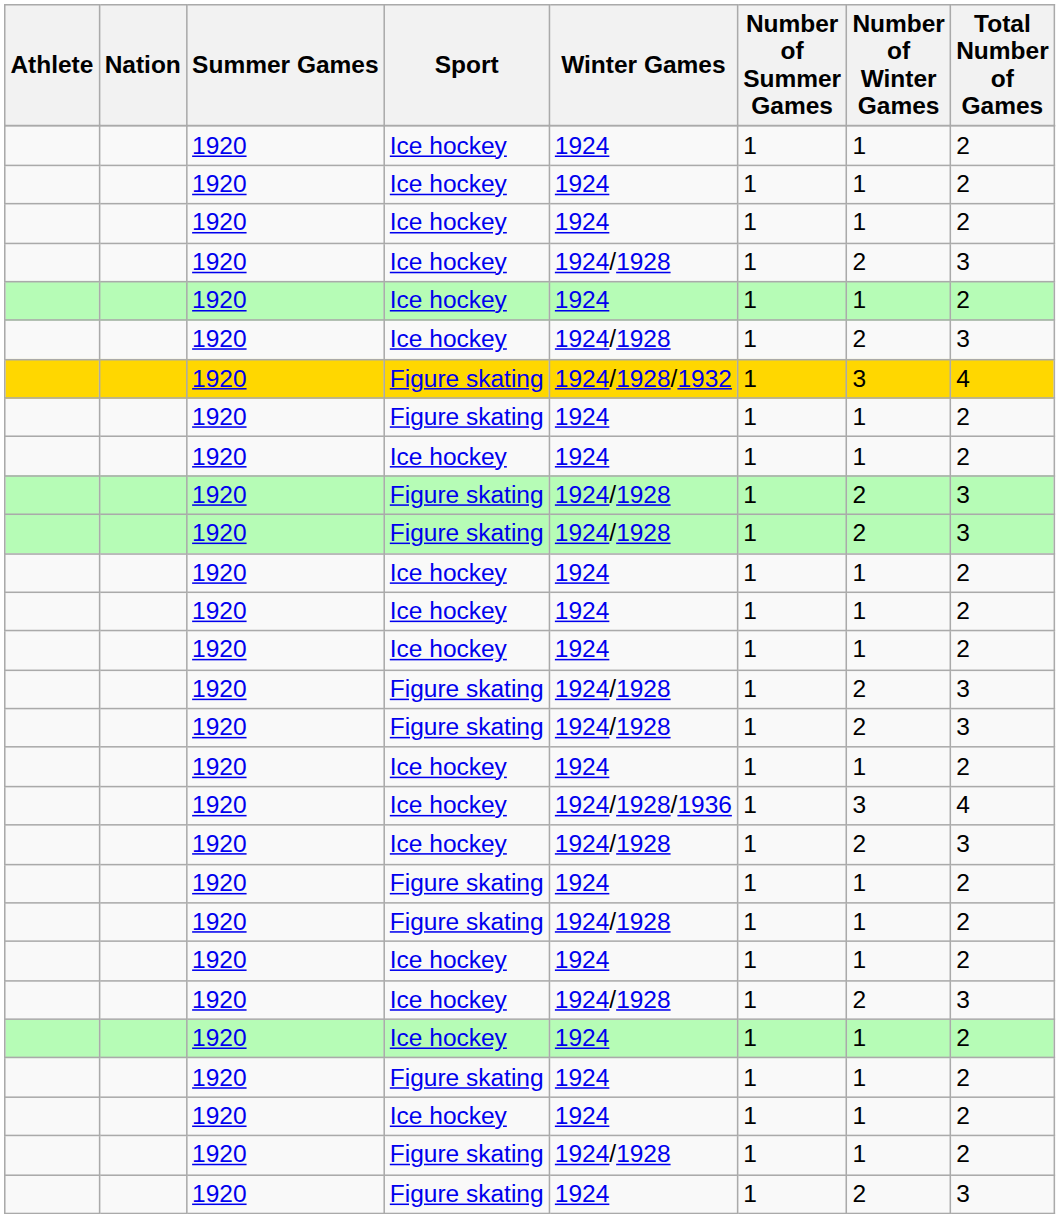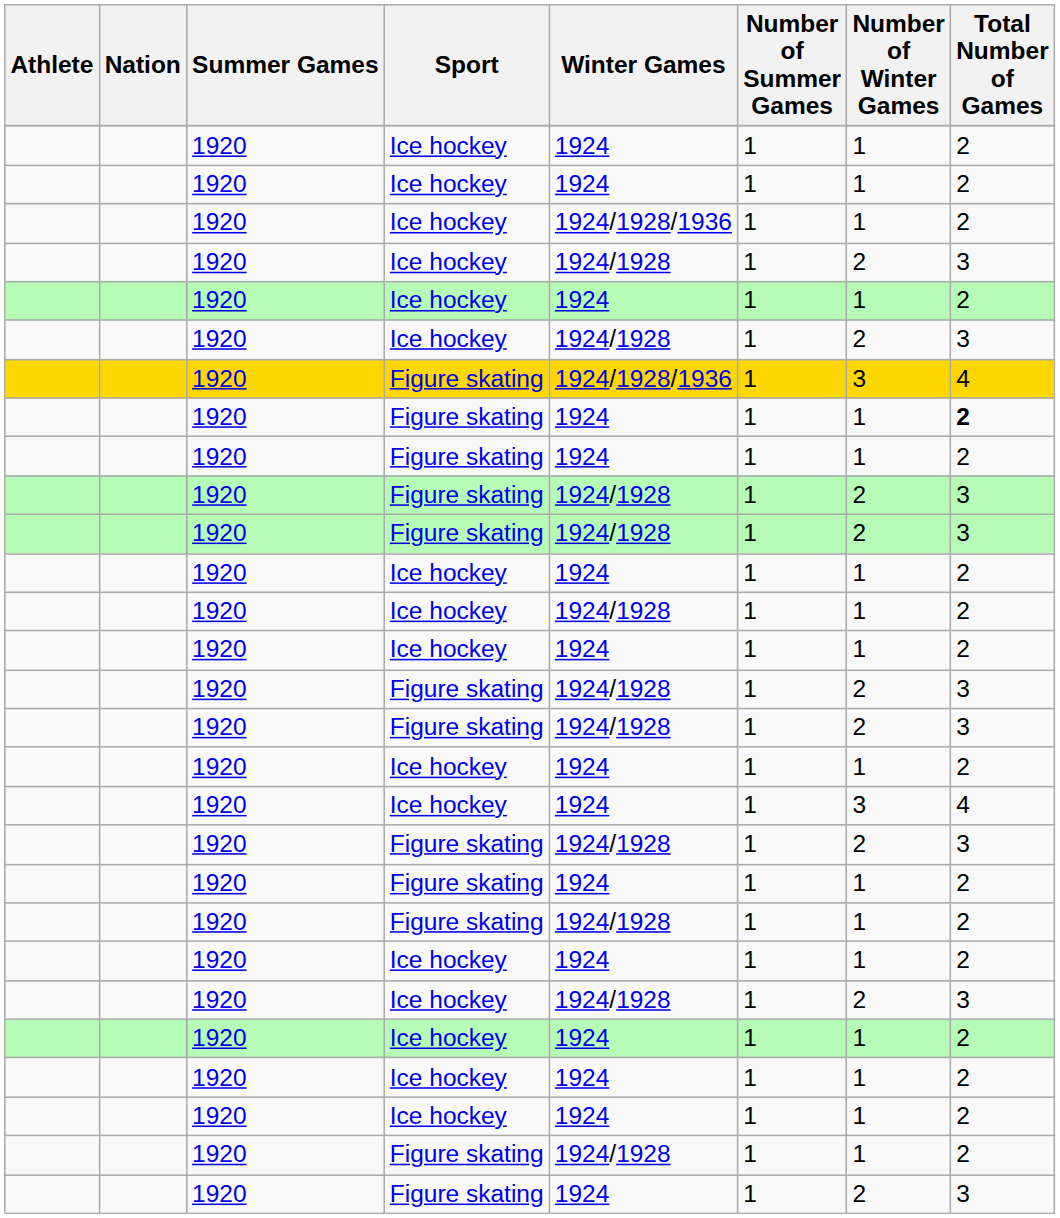 <table class="wikitable sortable">
 <tr>
 <th>Athlete</th>
 <th>Nation</th>
 <th>Summer Games</th>
 <th>Sport</th>
 <th>Winter Games</th>
 <th width=4>Number of Summer Games</th>
 <th width=4>Number of Winter Games</th>
 <th width=4>Total Number of Games</th>
 </tr>
 <tr>
 </tr>
 <tr>
 <td></td>
 <td></td>
 <td><a href='#'>1920</a></td>
 <td><a href='#'>Ice hockey</a></td>
 <td><a href='#'>1924</a></td>
 <td>1</td>
 <td>1</td>
 <td>2</td>
 </tr>
 <tr>
 <td></td>
 <td></td>
 <td><a href='#'>1920</a></td>
 <td><a href='#'>Ice hockey</a></td>
 <td><a href='#'>1924</a></td>
 <td>1</td>
 <td>1</td>
 <td>2</td>
 </tr>
 <tr>
 <td></td>
 <td></td>
 <td><a href='#'>1920</a></td>
 <td><a href='#'>Ice hockey</a></td>
-<td><a href='#'>1924</a></td>
+<td><a href='#'>1924</a>/<a href='#'>1928</a>/<a href='#'>1936</a></td>
 <td>1</td>
 <td>1</td>
 <td>2</td>
 </tr>
 <tr>
 <td></td>
 <td></td>
 <td><a href='#'>1920</a></td>
 <td><a href='#'>Ice hockey</a></td>
 <td><a href='#'>1924</a>/<a href='#'>1928</a></td>
 <td>1</td>
 <td>2</td>
 <td>3</td>
 </tr>
 <tr style="background:#b6fcb6;" span>
 <td></td>
 <td></td>
 <td><a href='#'>1920</a></td>
 <td><a href='#'>Ice hockey</a></td>
 <td><a href='#'>1924</a></td>
 <td>1</td>
 <td>1</td>
 <td>2</td>
 </tr>
 <tr>
 <td></td>
 <td></td>
 <td><a href='#'>1920</a></td>
 <td><a href='#'>Ice hockey</a></td>
 <td><a href='#'>1924</a>/<a href='#'>1928</a></td>
 <td>1</td>
 <td>2</td>
 <td>3</td>
 </tr>
 <tr style="background:#ffd700;" span>
 <td></td>
 <td></td>
 <td><a href='#'>1920</a></td>
 <td><a href='#'>Figure skating</a></td>
-<td><a href='#'>1924</a>/<a href='#'>1928</a>/<a href='#'>1932</a></td>
+<td><a href='#'>1924</a>/<a href='#'>1928</a>/<a href='#'>1936</a></td>
 <td>1</td>
 <td>3</td>
 <td>4</td>
 </tr>
 <tr>
 <td></td>
 <td></td>
 <td><a href='#'>1920</a></td>
 <td><a href='#'>Figure skating</a></td>
 <td><a href='#'>1924</a></td>
 <td>1</td>
 <td>1</td>
-<td>2</td>
+<td><strong>2</strong></td>
 </tr>
 <tr>
 <td></td>
 <td></td>
 <td><a href='#'>1920</a></td>
-<td><a href='#'>Ice hockey</a></td>
+<td><a href='#'>Figure skating</a></td>
 <td><a href='#'>1924</a></td>
 <td>1</td>
 <td>1</td>
 <td>2</td>
 </tr>
 <tr style="background:#b6fcb6;" span>
 <td></td>
 <td></td>
 <td><a href='#'>1920</a></td>
 <td><a href='#'>Figure skating</a></td>
 <td><a href='#'>1924</a>/<a href='#'>1928</a></td>
 <td>1</td>
 <td>2</td>
 <td>3</td>
 </tr>
 <tr style="background:#b6fcb6;" span>
 <td></td>
 <td></td>
 <td><a href='#'>1920</a></td>
 <td><a href='#'>Figure skating</a></td>
 <td><a href='#'>1924</a>/<a href='#'>1928</a></td>
 <td>1</td>
 <td>2</td>
 <td>3</td>
 </tr>
 <tr>
 <td></td>
 <td></td>
 <td><a href='#'>1920</a></td>
 <td><a href='#'>Ice hockey</a></td>
 <td><a href='#'>1924</a></td>
 <td>1</td>
 <td>1</td>
 <td>2</td>
 </tr>
 <tr>
 <td></td>
 <td></td>
 <td><a href='#'>1920</a></td>
 <td><a href='#'>Ice hockey</a></td>
-<td><a href='#'>1924</a></td>
+<td><a href='#'>1924</a>/<a href='#'>1928</a></td>
 <td>1</td>
 <td>1</td>
 <td>2</td>
 </tr>
 <tr>
 <td></td>
 <td></td>
 <td><a href='#'>1920</a></td>
 <td><a href='#'>Ice hockey</a></td>
 <td><a href='#'>1924</a></td>
 <td>1</td>
 <td>1</td>
 <td>2</td>
 </tr>
 <tr>
 <td></td>
 <td></td>
 <td><a href='#'>1920</a></td>
 <td><a href='#'>Figure skating</a></td>
 <td><a href='#'>1924</a>/<a href='#'>1928</a></td>
 <td>1</td>
 <td>2</td>
 <td>3</td>
 </tr>
 <tr>
 <td></td>
 <td></td>
 <td><a href='#'>1920</a></td>
 <td><a href='#'>Figure skating</a></td>
 <td><a href='#'>1924</a>/<a href='#'>1928</a></td>
 <td>1</td>
 <td>2</td>
 <td>3</td>
 </tr>
 <tr>
 <td></td>
 <td></td>
 <td><a href='#'>1920</a></td>
 <td><a href='#'>Ice hockey</a></td>
 <td><a href='#'>1924</a></td>
 <td>1</td>
 <td>1</td>
 <td>2</td>
 </tr>
 <tr>
 <td></td>
 <td></td>
 <td><a href='#'>1920</a></td>
 <td><a href='#'>Ice hockey</a></td>
-<td><a href='#'>1924</a>/<a href='#'>1928</a>/<a href='#'>1936</a></td>
+<td><a href='#'>1924</a></td>
 <td>1</td>
 <td>3</td>
 <td>4</td>
 </tr>
 <tr>
 <td></td>
 <td></td>
 <td><a href='#'>1920</a></td>
-<td><a href='#'>Ice hockey</a></td>
+<td><a href='#'>Figure skating</a></td>
 <td><a href='#'>1924</a>/<a href='#'>1928</a></td>
 <td>1</td>
 <td>2</td>
 <td>3</td>
 </tr>
 <tr>
 <td></td>
 <td></td>
 <td><a href='#'>1920</a></td>
 <td><a href='#'>Figure skating</a></td>
 <td><a href='#'>1924</a></td>
 <td>1</td>
 <td>1</td>
 <td>2</td>
 </tr>
 <tr>
 <td></td>
 <td></td>
 <td><a href='#'>1920</a></td>
 <td><a href='#'>Figure skating</a></td>
 <td><a href='#'>1924</a>/<a href='#'>1928</a></td>
 <td>1</td>
 <td>1</td>
 <td>2</td>
 </tr>
 <tr>
 <td></td>
 <td></td>
 <td><a href='#'>1920</a></td>
 <td><a href='#'>Ice hockey</a></td>
 <td><a href='#'>1924</a></td>
 <td>1</td>
 <td>1</td>
 <td>2</td>
 </tr>
 <tr>
 <td></td>
 <td></td>
 <td><a href='#'>1920</a></td>
 <td><a href='#'>Ice hockey</a></td>
 <td><a href='#'>1924</a>/<a href='#'>1928</a></td>
 <td>1</td>
 <td>2</td>
 <td>3</td>
 </tr>
 <tr style="background:#b6fcb6;" span>
 <td></td>
 <td></td>
 <td><a href='#'>1920</a></td>
 <td><a href='#'>Ice hockey</a></td>
 <td><a href='#'>1924</a></td>
 <td>1</td>
 <td>1</td>
 <td>2</td>
 </tr>
 <tr>
 <td></td>
 <td></td>
 <td><a href='#'>1920</a></td>
-<td><a href='#'>Figure skating</a></td>
+<td><a href='#'>Ice hockey</a></td>
 <td><a href='#'>1924</a></td>
 <td>1</td>
 <td>1</td>
 <td>2</td>
 </tr>
 <tr>
 <td></td>
 <td></td>
 <td><a href='#'>1920</a></td>
 <td><a href='#'>Ice hockey</a></td>
 <td><a href='#'>1924</a></td>
 <td>1</td>
 <td>1</td>
 <td>2</td>
 </tr>
 <tr>
 <td></td>
 <td></td>
 <td><a href='#'>1920</a></td>
 <td><a href='#'>Figure skating</a></td>
 <td><a href='#'>1924</a>/<a href='#'>1928</a></td>
 <td>1</td>
 <td>1</td>
 <td>2</td>
 </tr>
 <tr>
 <td></td>
 <td></td>
 <td><a href='#'>1920</a></td>
 <td><a href='#'>Figure skating</a></td>
 <td><a href='#'>1924</a></td>
 <td>1</td>
 <td>2</td>
 <td>3</td>
 </tr>
 </table>
